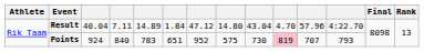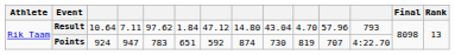 <table class="wikitable" style="font-size:90%">
 <tr>
 <th>Athlete</th>
 <th>Event</th>
 <th></th>
 <th></th>
 <th></th>
 <th></th>
 <th></th>
 <th></th>
 <th></th>
 <th></th>
 <th></th>
 <th></th>
 <th>Final</th>
 <th>Rank</th>
 </tr>
 <tr align="center">
 <td rowspan="2" style="text-align:left"><a href='#'>Rik Taam</a></td>
 <th style="font-size:95%">Result</th>
-<td>40.04</td>
+<td>10.64</td>
 <td>7.11</td>
-<td>14.89</td>
+<td>97.62</td>
 <td>1.84</td>
 <td>47.12</td>
 <td>14.80</td>
 <td>43.04</td>
 <td>4.70</td>
 <td>57.96</td>
-<td>4:22.70</td>
+<td>793</td>
 <td rowspan="2">8098</td>
 <td rowspan="2">13</td>
 </tr>
 <tr align="center">
 <th style="font-size:95%">Points</th>
 <td>924</td>
-<td>840</td>
+<td>947</td>
 <td>783</td>
 <td>651</td>
-<td>952</td>
-<td>575</td>
+<td>592</td>
+<td>874</td>
 <td>730</td>
-<td style="background: pink;">819</td>
+<td>819</td>
 <td>707</td>
-<td>793</td>
+<td>4:22.70</td>
 </tr>
 </table>
